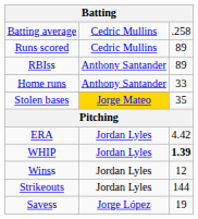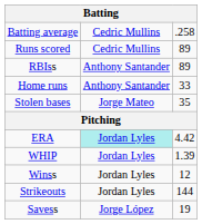 <table class="wikitable" style="text-align:center; font-size: 100%;">
 <tr>
 <th colspan=3>Batting</th>
 </tr>
 <tr>
 <td><a href='#'>Batting average</a></td>
 <td><a href='#'>Cedric Mullins</a></td>
 <td>.258</td>
 </tr>
 <tr>
 <td><a href='#'>Runs scored</a></td>
 <td><a href='#'>Cedric Mullins</a></td>
 <td>89</td>
 </tr>
 <tr>
 <td><a href='#'>RBIs</a>s</td>
 <td><a href='#'>Anthony Santander</a></td>
 <td>89</td>
 </tr>
 <tr>
 <td><a href='#'>Home runs</a></td>
 <td><a href='#'>Anthony Santander</a></td>
 <td>33</td>
 </tr>
 <tr>
 <td><a href='#'>Stolen bases</a></td>
-<td style="background: gold;"><a href='#'>Jorge Mateo</a></td>
+<td><a href='#'>Jorge Mateo</a></td>
 <td>35</td>
 </tr>
 <tr>
 <th colspan=3>Pitching</th>
 </tr>
 <tr>
 <td><a href='#'>ERA</a></td>
-<td><a href='#'>Jordan Lyles</a></td>
+<td style="background: paleturquoise;"><a href='#'>Jordan Lyles</a></td>
 <td>4.42</td>
 </tr>
 <tr>
 <td><a href='#'>WHIP</a></td>
 <td><a href='#'>Jordan Lyles</a></td>
-<td><strong>1.39</strong></td>
+<td>1.39</td>
 </tr>
 <tr>
 <td><a href='#'>Wins</a>s</td>
 <td>Jordan Lyles</td>
 <td>12</td>
 </tr>
 <tr>
 <td><a href='#'>Strikeouts</a></td>
 <td>Jordan Lyles</td>
 <td>144</td>
 </tr>
 <tr>
 <td><a href='#'>Saves</a>s</td>
 <td><a href='#'>Jorge López</a></td>
 <td>19</td>
 </tr>
 </table>
